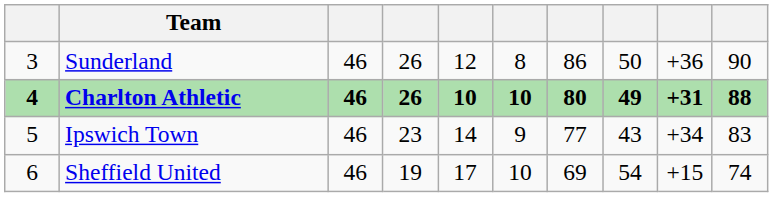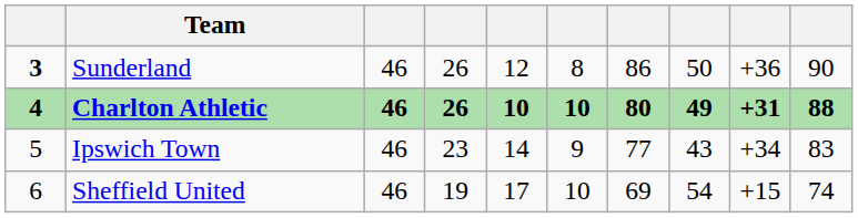 <table class="wikitable" style="text-align:center">
 <tr>
 <th width="30"></th>
 <th width="175">Team</th>
 <th width="30"></th>
 <th width="30"></th>
 <th width="30"></th>
 <th width="30"></th>
 <th width="30"></th>
 <th width="30"></th>
 <th width="30"></th>
 <th width="30"></th>
 </tr>
 <tr>
-<td>3</td>
+<td><strong>3</strong></td>
 <td align=left><a href='#'>Sunderland</a></td>
 <td>46</td>
 <td>26</td>
 <td>12</td>
 <td>8</td>
 <td>86</td>
 <td>50</td>
 <td>+36</td>
 <td>90</td>
 </tr>
 <tr style="background:#addfad;">
 <td><strong>4</strong></td>
 <td align=left><strong><a href='#'>Charlton Athletic</a></strong></td>
 <td><strong>46</strong></td>
 <td><strong>26</strong></td>
 <td><strong>10</strong></td>
 <td><strong>10</strong></td>
 <td><strong>80</strong></td>
 <td><strong>49</strong></td>
 <td><strong>+31</strong></td>
 <td><strong>88</strong></td>
 </tr>
 <tr>
 <td>5</td>
 <td align=left><a href='#'>Ipswich Town</a></td>
 <td>46</td>
 <td>23</td>
 <td>14</td>
 <td>9</td>
 <td>77</td>
 <td>43</td>
 <td>+34</td>
 <td>83</td>
 </tr>
 <tr>
 <td>6</td>
 <td align=left><a href='#'>Sheffield United</a></td>
 <td>46</td>
 <td>19</td>
 <td>17</td>
 <td>10</td>
 <td>69</td>
 <td>54</td>
 <td>+15</td>
 <td>74</td>
 </tr>
 </table>
